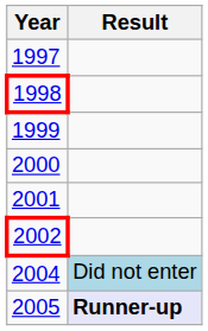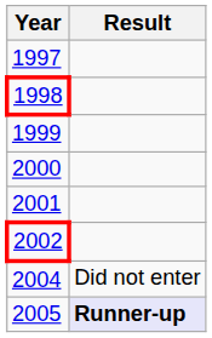 <table class="wikitable">
 <tr>
 <th>Year</th>
 <th>Result</th>
 </tr>
 <tr>
 <td><a href='#'>1997</a></td>
 <td></td>
 </tr>
 <tr>
 <td style="border: 3px solid red"><a href='#'>1998</a></td>
 <td></td>
 </tr>
 <tr>
 <td><a href='#'>1999</a></td>
 <td></td>
 </tr>
 <tr>
 <td><a href='#'>2000</a></td>
 <td></td>
 </tr>
 <tr>
 <td><a href='#'>2001</a></td>
 <td></td>
 </tr>
 <tr>
 <td style="border: 3px solid red"><a href='#'>2002</a></td>
 <td></td>
 </tr>
 <tr>
 <td><a href='#'>2004</a></td>
-<td style="background: lightblue;">Did not enter</td>
+<td>Did not enter</td>
 </tr>
 <tr>
 <td><a href='#'>2005</a></td>
 <td style="background: lavender;"><strong> Runner-up</strong></td>
 </tr>
 </table>
